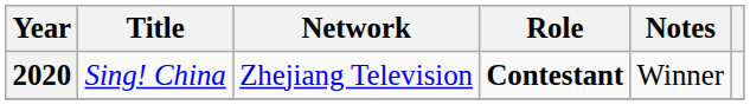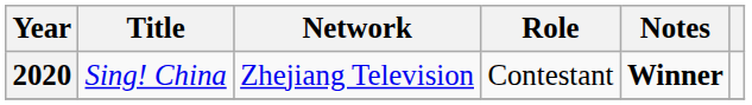 <table class="wikitable plainrowheaders sortable">
 <tr>
 <th scope="col">Year</th>
 <th scope="col">Title</th>
 <th scope="col">Network</th>
 <th scope="col">Role</th>
 <th scope="col">Notes</th>
 <th scope="col" class="unsortable"></th>
 </tr>
 <tr>
 <th scope="row">2020</th>
 <td><em><a href='#'>Sing! China</a></em></td>
 <td><a href='#'>Zhejiang Television</a></td>
-<td rowspan="1"><strong>Contestant</strong></td>
-<td>Winner</td>
+<td rowspan="1">Contestant</td>
+<td><strong>Winner</strong></td>
 <td style="text-align:center"></td>
 </tr>
 <tr>
 </tr>
 </table>
